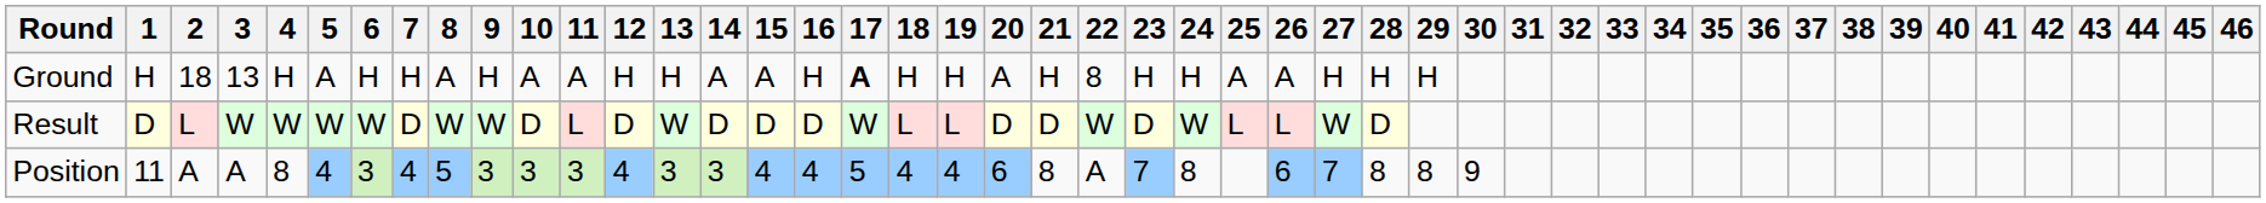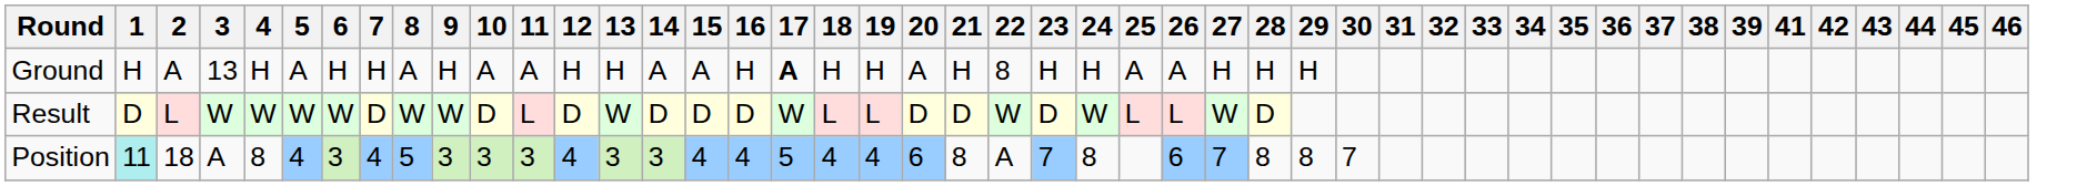 <table class="wikitable">
 <tr>
 <th>Round</th>
 <th>1</th>
 <th>2</th>
 <th>3</th>
 <th>4</th>
 <th>5</th>
 <th>6</th>
 <th>7</th>
 <th>8</th>
 <th>9</th>
 <th>10</th>
 <th>11</th>
 <th>12</th>
 <th>13</th>
 <th>14</th>
 <th>15</th>
 <th>16</th>
 <th>17</th>
 <th>18</th>
 <th>19</th>
 <th>20</th>
 <th>21</th>
 <th>22</th>
 <th>23</th>
 <th>24</th>
 <th>25</th>
 <th>26</th>
 <th>27</th>
 <th>28</th>
 <th>29</th>
 <th>30</th>
 <th>31</th>
 <th>32</th>
 <th>33</th>
 <th>34</th>
 <th>35</th>
 <th>36</th>
 <th>37</th>
 <th>38</th>
 <th>39</th>
-<th>40</th>
 <th>41</th>
 <th>42</th>
 <th>43</th>
 <th>44</th>
 <th>45</th>
 <th>46</th>
 </tr>
 <tr>
 <td>Ground</td>
 <td>H</td>
-<td>18</td>
+<td>A</td>
 <td>13</td>
 <td>H</td>
 <td>A</td>
 <td>H</td>
 <td>H</td>
 <td>A</td>
 <td>H</td>
 <td>A</td>
 <td>A</td>
 <td>H</td>
 <td>H</td>
 <td>A</td>
 <td>A</td>
 <td>H</td>
 <td><strong>A</strong></td>
 <td>H</td>
 <td>H</td>
 <td>A</td>
 <td>H</td>
 <td>8</td>
 <td>H</td>
 <td>H</td>
 <td>A</td>
 <td>A</td>
 <td>H</td>
 <td>H</td>
 <td>H</td>
-<td></td>
 <td></td>
 <td></td>
 <td></td>
 <td></td>
 <td></td>
 <td></td>
 <td></td>
 <td></td>
 <td></td>
 <td></td>
 <td></td>
 <td></td>
 <td></td>
 <td></td>
 <td></td>
 <td></td>
 </tr>
 <tr>
 <td>Result</td>
 <td style="background:#ffd;">D</td>
 <td style="background:#fdd;">L</td>
 <td style="background:#dfd;">W</td>
 <td style="background:#dfd;">W</td>
 <td style="background:#dfd;">W</td>
 <td style="background:#dfd;">W</td>
 <td style="background:#ffd;">D</td>
 <td style="background:#dfd;">W</td>
 <td style="background:#dfd;">W</td>
 <td style="background:#ffd;">D</td>
 <td style="background:#fdd;">L</td>
 <td style="background:#ffd;">D</td>
 <td style="background:#dfd;">W</td>
 <td style="background:#ffd;">D</td>
 <td style="background:#ffd;">D</td>
 <td style="background:#ffd;">D</td>
 <td style="background:#dfd;">W</td>
 <td style="background:#fdd;">L</td>
 <td style="background:#fdd;">L</td>
 <td style="background:#ffd;">D</td>
 <td style="background:#ffd;">D</td>
 <td style="background:#dfd;">W</td>
 <td style="background:#ffd;">D</td>
 <td style="background:#dfd;">W</td>
 <td style="background:#fdd;">L</td>
 <td style="background:#fdd;">L</td>
 <td style="background:#dfd;">W</td>
 <td style="background:#ffd;">D</td>
 <td></td>
 <td></td>
 <td></td>
 <td></td>
 <td></td>
 <td></td>
 <td></td>
 <td></td>
 <td></td>
 <td></td>
 <td></td>
 <td></td>
 <td></td>
 <td></td>
 <td></td>
 <td></td>
 <td></td>
-<td></td>
 </tr>
 <tr>
 <td>Position</td>
-<td>11</td>
-<td>A</td>
+<td style="background: paleturquoise;">11</td>
+<td>18</td>
 <td>A</td>
 <td>8</td>
 <td style="background:#99CCFF;">4</td>
 <td style="background:#D0F0C0">3</td>
 <td style="background:#99CCFF;">4</td>
 <td style="background:#99CCFF;">5</td>
 <td style="background:#D0F0C0">3</td>
 <td style="background:#D0F0C0">3</td>
 <td style="background:#D0F0C0">3</td>
 <td style="background:#99CCFF;">4</td>
 <td style="background:#D0F0C0">3</td>
 <td style="background:#D0F0C0">3</td>
 <td style="background:#99CCFF;">4</td>
 <td style="background:#99CCFF;">4</td>
 <td style="background:#99CCFF;">5</td>
 <td style="background:#99CCFF;">4</td>
 <td style="background:#99CCFF;">4</td>
 <td style="background:#99CCFF;">6</td>
 <td>8</td>
 <td>A</td>
 <td style="background:#99CCFF;">7</td>
 <td>8</td>
 <td></td>
 <td style="background:#99CCFF;">6</td>
 <td style="background:#99CCFF;">7</td>
 <td>8</td>
 <td>8</td>
-<td>9</td>
-<td></td>
+<td>7</td>
 <td></td>
 <td></td>
 <td></td>
 <td></td>
 <td></td>
 <td></td>
 <td></td>
 <td></td>
 <td></td>
 <td></td>
 <td></td>
 <td></td>
 <td></td>
 <td></td>
 <td></td>
 </tr>
 </table>
